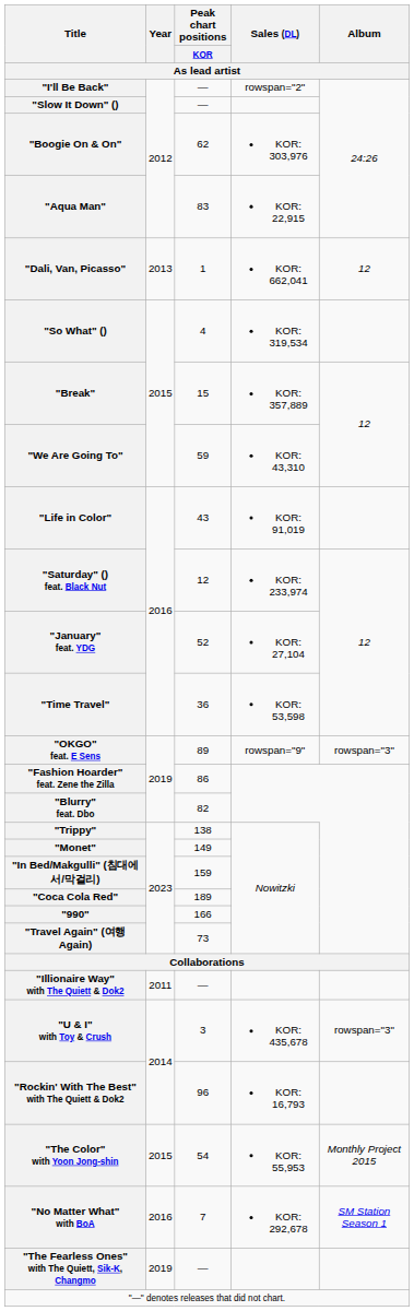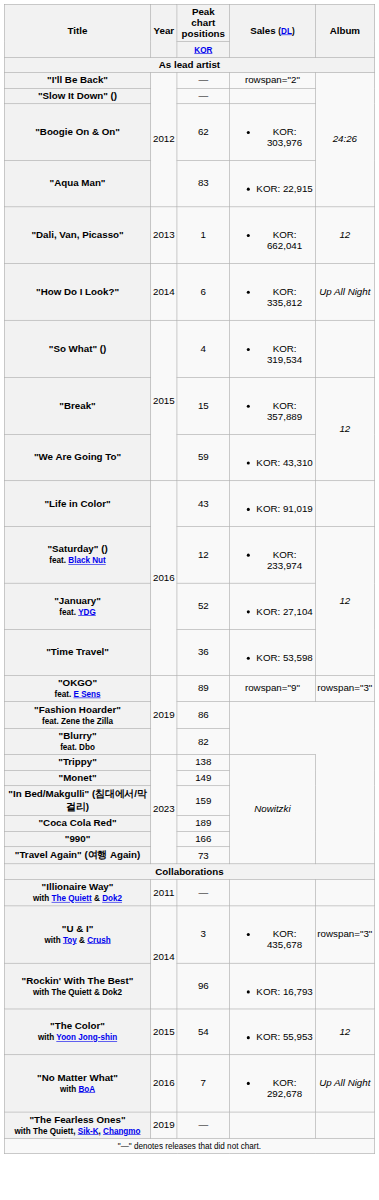 <table class="wikitable plainrowheaders" style="text-align:center;">
 <tr>
 <th scope="col" rowspan="2">Title</th>
 <th scope="col" rowspan="2">Year</th>
 <th scope="col" colspan="1">Peak chart <br> positions</th>
 <th scope="col" rowspan="2">Sales <small>(<a href='#'>DL</a>)</small></th>
 <th scope="col" rowspan="2">Album</th>
 </tr>
 <tr>
 <th><small><a href='#'>KOR</a></small><br></th>
 </tr>
 <tr>
 <th scope="col" colspan="5">As lead artist</th>
 </tr>
 <tr>
 <th scope="row">"I'll Be Back"</th>
 <td rowspan="4">2012</td>
 <td>—</td>
 <td>rowspan="2" </td>
 <td rowspan="4"><em>24:26</em></td>
 </tr>
 <tr>
 <th scope="row">"Slow It Down" ()<br></th>
 <td>—</td>
 </tr>
 <tr>
 <th scope="row">"Boogie On & On"</th>
 <td>62</td>
 <td><br><ul><li>KOR: 303,976</li></ul></td>
 </tr>
 <tr>
 <th scope="row">"Aqua Man"</th>
 <td>83</td>
 <td><br><ul><li>KOR: 22,915</li></ul></td>
 </tr>
 <tr>
 <th scope="row">"Dali, Van, Picasso"</th>
 <td>2013</td>
 <td>1</td>
 <td><br><ul><li>KOR: 662,041</li></ul></td>
 <td><em>12</em></td>
+</tr>
+<tr>
+<th scope="row">"How Do I Look?"</th>
+<td>2014</td>
+<td>6</td>
+<td><br><ul><li>KOR: 335,812</li></ul></td>
+<td><em>Up All Night</em></td>
 </tr>
 <tr>
 <th scope="row">"So What" ()</th>
 <td rowspan="3">2015</td>
 <td>4</td>
 <td><br><ul><li>KOR: 319,534</li></ul></td>
 <td></td>
 </tr>
 <tr>
 <th scope="row">"Break"</th>
 <td>15</td>
 <td><br><ul><li>KOR: 357,889</li></ul></td>
 <td rowspan="2"><em>12</em></td>
 </tr>
 <tr>
 <th scope="row">"We Are Going To"</th>
 <td>59</td>
 <td><br><ul><li>KOR: 43,310</li></ul></td>
 </tr>
 <tr>
 <th scope="row">"Life in Color"</th>
 <td rowspan="4">2016</td>
 <td>43</td>
 <td><br><ul><li>KOR: 91,019</li></ul></td>
 <td></td>
 </tr>
 <tr>
 <th scope="row">"Saturday" () <br><small>feat. <a href='#'>Black Nut</a></small></th>
 <td>12</td>
 <td><br><ul><li>KOR: 233,974</li></ul></td>
 <td rowspan="3"><em>12</em></td>
 </tr>
 <tr>
 <th scope="row">"January" <br><small>feat. <a href='#'>YDG</a></small></th>
 <td>52</td>
 <td><br><ul><li>KOR: 27,104</li></ul></td>
 </tr>
 <tr>
 <th scope="row">"Time Travel"</th>
 <td>36</td>
 <td><br><ul><li>KOR: 53,598</li></ul></td>
 </tr>
 <tr>
 <th scope="row">"OKGO"<br><small>feat. <a href='#'>E Sens</a></small></th>
 <td rowspan="3">2019</td>
 <td>89</td>
 <td>rowspan="9" </td>
 <td>rowspan="3" </td>
 </tr>
 <tr>
 <th scope="row">"Fashion Hoarder"<br><small>feat. Zene the Zilla</small></th>
 <td>86</td>
 </tr>
 <tr>
 <th scope="row">"Blurry"<br><small>feat. Dbo</small></th>
 <td>82</td>
 </tr>
 <tr>
 <th scope="row">"Trippy"</th>
 <td rowspan="6">2023</td>
 <td>138</td>
 <td rowspan="6"><em>Nowitzki</em></td>
 </tr>
 <tr>
 <th scope="row">"Monet"</th>
 <td>149</td>
 </tr>
 <tr>
 <th scope="row">"In Bed/Makgulli" (침대에서/막걸리)</th>
 <td>159</td>
 </tr>
 <tr>
 <th scope="row">"Coca Cola Red"<br></th>
 <td>189</td>
 </tr>
 <tr>
 <th scope="row">"990"<br></th>
 <td>166</td>
 </tr>
 <tr>
 <th scope="row">"Travel Again" (여행 Again)<br></th>
 <td>73</td>
 </tr>
 <tr>
 <th scope="col" colspan="5">Collaborations</th>
 </tr>
 <tr>
 <th scope="row">"Illionaire Way" <br><small>with <a href='#'>The Quiett</a> & <a href='#'>Dok2</a></small></th>
 <td>2011</td>
 <td>—</td>
 <td></td>
 <td></td>
 </tr>
 <tr>
 <th scope="row">"U & I"<br><small>with <a href='#'>Toy</a> & <a href='#'>Crush</a></small></th>
 <td rowspan="2">2014</td>
 <td>3</td>
 <td><br><ul><li>KOR: 435,678</li></ul></td>
 <td>rowspan="3" </td>
 </tr>
 <tr>
 <th scope="row">"Rockin' With The Best"<br><small>with The Quiett & Dok2</small></th>
 <td>96</td>
 <td><br><ul><li>KOR: 16,793</li></ul></td>
 <td></td>
 </tr>
 <tr>
 <th scope="row">"The Color" <br><small>with <a href='#'>Yoon Jong-shin</a></small></th>
 <td>2015</td>
 <td>54</td>
 <td><br><ul><li>KOR: 55,953</li></ul></td>
-<td><em>Monthly Project 2015</em></td>
+<td><em>12</em></td>
 </tr>
 <tr>
 <th scope="row">"No Matter What" <br><small>with <a href='#'>BoA</a></small></th>
 <td>2016</td>
 <td>7</td>
 <td><br><ul><li>KOR: 292,678</li></ul></td>
-<td><em><a href='#'>SM Station Season 1</a></em></td>
+<td><em>Up All Night</em></td>
 </tr>
 <tr>
 <th scope="row">"The Fearless Ones"<br><small>with The Quiett, <a href='#'>Sik-K</a>, <a href='#'>Changmo</a></small></th>
 <td>2019</td>
 <td>—</td>
 <td></td>
 <td></td>
 </tr>
 <tr>
 <td colspan="5" align="center"><small>"—" denotes releases that did not chart.</small></td>
 </tr>
 </table>
